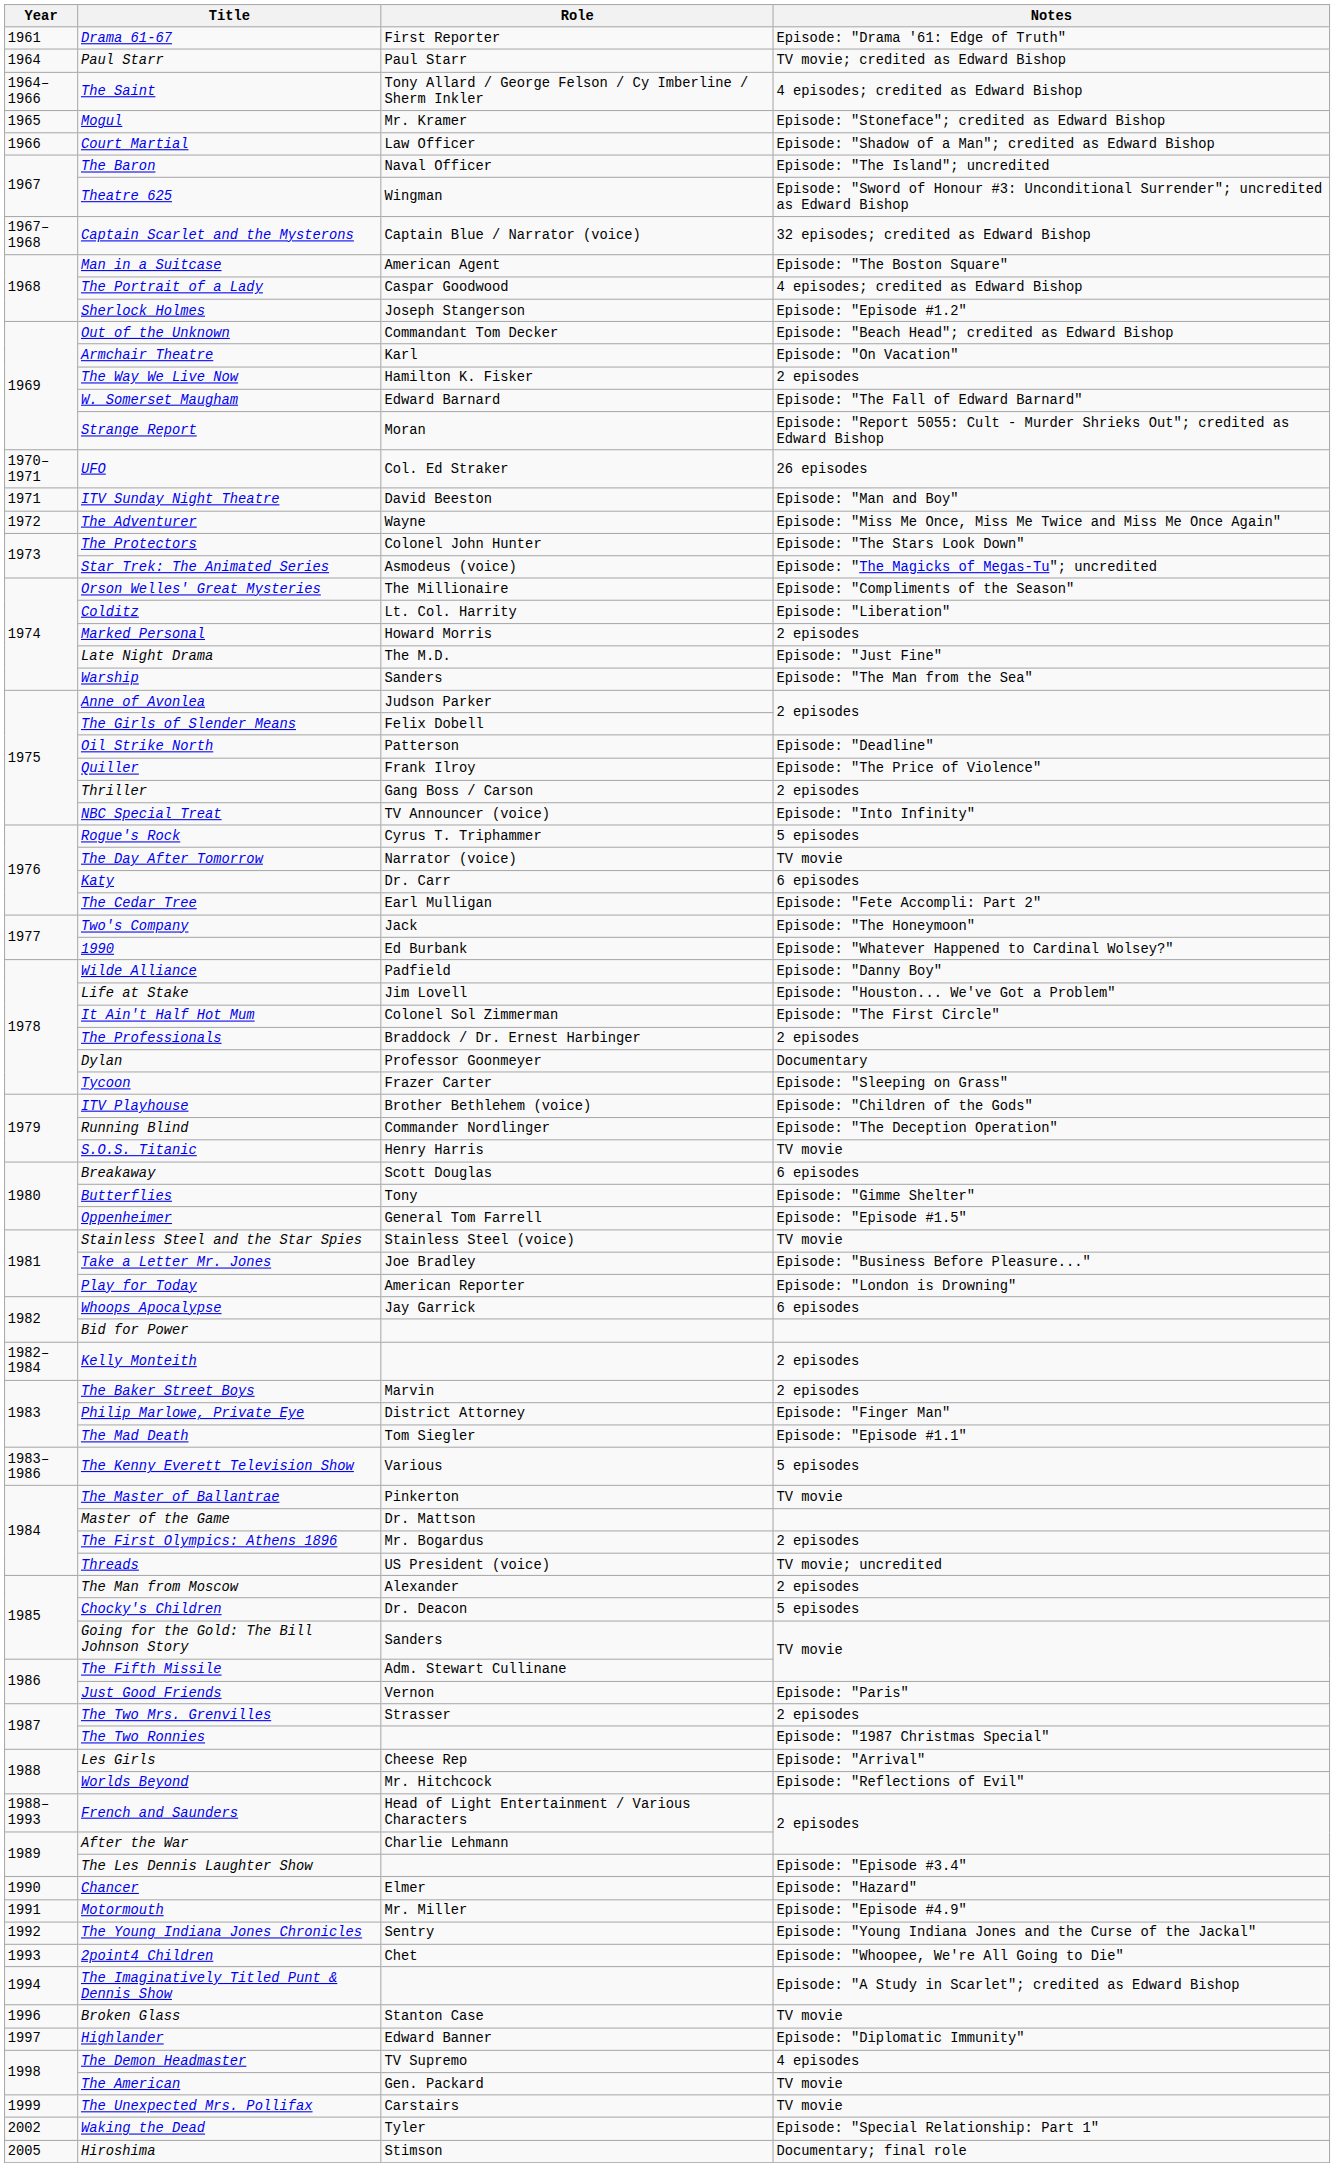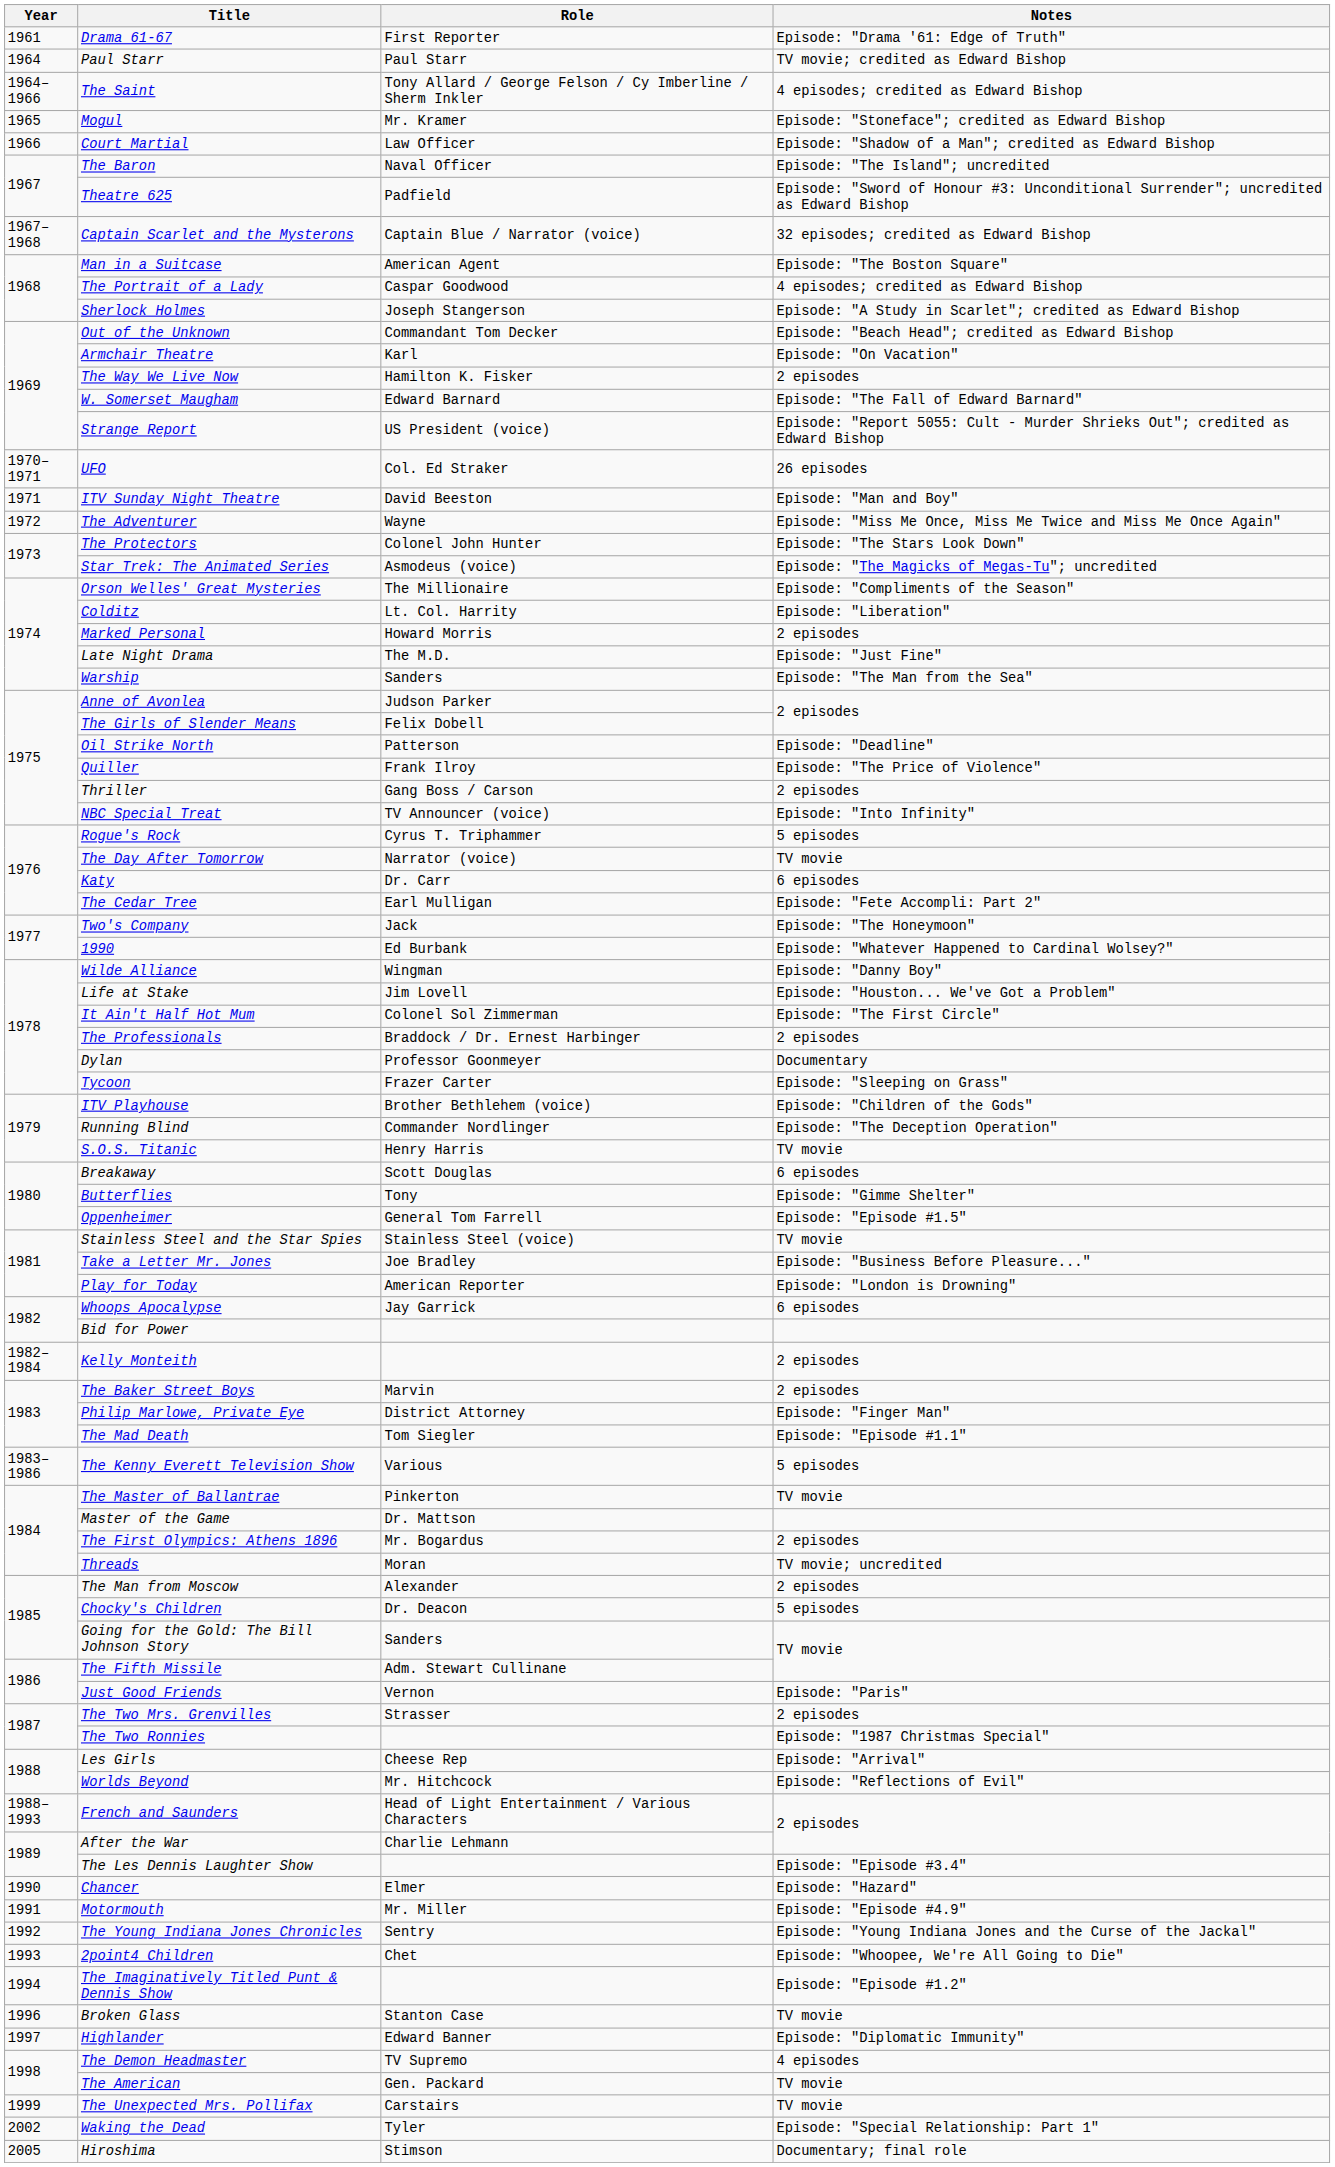 <table class="wikitable sortable">
 <tr>
 <th>Year</th>
 <th>Title</th>
 <th>Role</th>
 <th>Notes</th>
 </tr>
 <tr>
 <td>1961</td>
 <td><em><a href='#'>Drama 61-67</a></em></td>
 <td>First Reporter</td>
 <td>Episode: "Drama '61: Edge of Truth"</td>
 </tr>
 <tr>
 <td>1964</td>
 <td><em>Paul Starr</em></td>
 <td>Paul Starr</td>
 <td>TV movie; credited as Edward Bishop</td>
 </tr>
 <tr>
 <td>1964–1966</td>
 <td><em><a href='#'>The Saint</a></em></td>
 <td>Tony Allard / George Felson / Cy Imberline / Sherm Inkler</td>
 <td>4 episodes; credited as Edward Bishop</td>
 </tr>
 <tr>
 <td>1965</td>
 <td><em><a href='#'>Mogul</a></em></td>
 <td>Mr. Kramer</td>
 <td>Episode: "Stoneface"; credited as Edward Bishop</td>
 </tr>
 <tr>
 <td>1966</td>
 <td><em><a href='#'>Court Martial</a></em></td>
 <td>Law Officer</td>
 <td>Episode: "Shadow of a Man"; credited as Edward Bishop</td>
 </tr>
 <tr>
 <td rowspan="2">1967</td>
 <td><em><a href='#'>The Baron</a></em></td>
 <td>Naval Officer</td>
 <td>Episode: "The Island"; uncredited</td>
 </tr>
 <tr>
 <td><em><a href='#'>Theatre 625</a></em></td>
-<td>Wingman</td>
+<td>Padfield</td>
 <td>Episode: "Sword of Honour #3: Unconditional Surrender"; uncredited as Edward Bishop</td>
 </tr>
 <tr>
 <td>1967–1968</td>
 <td><em><a href='#'>Captain Scarlet and the Mysterons</a></em></td>
 <td>Captain Blue / Narrator (voice)</td>
 <td>32 episodes; credited as Edward Bishop</td>
 </tr>
 <tr>
 <td rowspan="3">1968</td>
 <td><em><a href='#'>Man in a Suitcase</a></em></td>
 <td>American Agent</td>
 <td>Episode: "The Boston Square"</td>
 </tr>
 <tr>
 <td><em><a href='#'>The Portrait of a Lady</a></em></td>
 <td>Caspar Goodwood</td>
 <td>4 episodes; credited as Edward Bishop</td>
 </tr>
 <tr>
 <td><em><a href='#'>Sherlock Holmes</a></em></td>
 <td>Joseph Stangerson</td>
-<td>Episode: "Episode #1.2"</td>
+<td>Episode: "A Study in Scarlet"; credited as Edward Bishop</td>
 </tr>
 <tr>
 <td rowspan="5">1969</td>
 <td><em><a href='#'>Out of the Unknown</a></em></td>
 <td>Commandant Tom Decker</td>
 <td>Episode: "Beach Head"; credited as Edward Bishop</td>
 </tr>
 <tr>
 <td><em><a href='#'>Armchair Theatre</a></em></td>
 <td>Karl</td>
 <td>Episode: "On Vacation"</td>
 </tr>
 <tr>
 <td><em><a href='#'>The Way We Live Now</a></em></td>
 <td>Hamilton K. Fisker</td>
 <td>2 episodes</td>
 </tr>
 <tr>
 <td><em><a href='#'>W. Somerset Maugham</a></em></td>
 <td>Edward Barnard</td>
 <td>Episode: "The Fall of Edward Barnard"</td>
 </tr>
 <tr>
 <td><em><a href='#'>Strange Report</a></em></td>
-<td>Moran</td>
+<td>US President (voice)</td>
 <td>Episode: "Report 5055: Cult - Murder Shrieks Out"; credited as Edward Bishop</td>
 </tr>
 <tr>
 <td>1970–1971</td>
 <td><em><a href='#'>UFO</a></em></td>
 <td>Col. Ed Straker</td>
 <td>26 episodes</td>
 </tr>
 <tr>
 <td>1971</td>
 <td><em><a href='#'>ITV Sunday Night Theatre</a></em></td>
 <td>David Beeston</td>
 <td>Episode: "Man and Boy"</td>
 </tr>
 <tr>
 <td>1972</td>
 <td><em><a href='#'>The Adventurer</a></em></td>
 <td>Wayne</td>
 <td>Episode: "Miss Me Once, Miss Me Twice and Miss Me Once Again"</td>
 </tr>
 <tr>
 <td rowspan="2">1973</td>
 <td><em><a href='#'>The Protectors</a></em></td>
 <td>Colonel John Hunter</td>
 <td>Episode: "The Stars Look Down"</td>
 </tr>
 <tr>
 <td><em><a href='#'>Star Trek: The Animated Series</a></em></td>
 <td>Asmodeus (voice)</td>
 <td>Episode: "<a href='#'>The Magicks of Megas-Tu</a>"; uncredited</td>
 </tr>
 <tr>
 <td rowspan="5">1974</td>
 <td><em><a href='#'>Orson Welles' Great Mysteries</a></em></td>
 <td>The Millionaire</td>
 <td>Episode: "Compliments of the Season"</td>
 </tr>
 <tr>
 <td><em><a href='#'>Colditz</a></em></td>
 <td>Lt. Col. Harrity</td>
 <td>Episode: "Liberation"</td>
 </tr>
 <tr>
 <td><em><a href='#'>Marked Personal</a></em></td>
 <td>Howard Morris</td>
 <td>2 episodes</td>
 </tr>
 <tr>
 <td><em>Late Night Drama</em></td>
 <td>The M.D.</td>
 <td>Episode: "Just Fine"</td>
 </tr>
 <tr>
 <td><em><a href='#'>Warship</a></em></td>
 <td>Sanders</td>
 <td>Episode: "The Man from the Sea"</td>
 </tr>
 <tr>
 <td rowspan="6">1975</td>
 <td><em><a href='#'>Anne of Avonlea</a></em></td>
 <td>Judson Parker</td>
 <td rowspan="2">2 episodes</td>
 </tr>
 <tr>
 <td><em><a href='#'>The Girls of Slender Means</a></em></td>
 <td>Felix Dobell</td>
 </tr>
 <tr>
 <td><em><a href='#'>Oil Strike North</a></em></td>
 <td>Patterson</td>
 <td>Episode: "Deadline"</td>
 </tr>
 <tr>
 <td><em><a href='#'>Quiller</a></em></td>
 <td>Frank Ilroy</td>
 <td>Episode: "The Price of Violence"</td>
 </tr>
 <tr>
 <td><em>Thriller</em></td>
 <td>Gang Boss / Carson</td>
 <td>2 episodes</td>
 </tr>
 <tr>
 <td><em><a href='#'>NBC Special Treat</a></em></td>
 <td>TV Announcer (voice)</td>
 <td>Episode: "Into Infinity"</td>
 </tr>
 <tr>
 <td rowspan="4">1976</td>
 <td><em><a href='#'>Rogue's Rock</a></em></td>
 <td>Cyrus T. Triphammer</td>
 <td>5 episodes</td>
 </tr>
 <tr>
 <td><em><a href='#'>The Day After Tomorrow</a></em></td>
 <td>Narrator (voice)</td>
 <td>TV movie</td>
 </tr>
 <tr>
 <td><em><a href='#'>Katy</a></em></td>
 <td>Dr. Carr</td>
 <td>6 episodes</td>
 </tr>
 <tr>
 <td><em><a href='#'>The Cedar Tree</a></em></td>
 <td>Earl Mulligan</td>
 <td>Episode: "Fete Accompli: Part 2"</td>
 </tr>
 <tr>
 <td rowspan="2">1977</td>
 <td><em><a href='#'>Two's Company</a></em></td>
 <td>Jack</td>
 <td>Episode: "The Honeymoon"</td>
 </tr>
 <tr>
 <td><em><a href='#'>1990</a></em></td>
 <td>Ed Burbank</td>
 <td>Episode: "Whatever Happened to Cardinal Wolsey?"</td>
 </tr>
 <tr>
 <td rowspan="6">1978</td>
 <td><em><a href='#'>Wilde Alliance</a></em></td>
-<td>Padfield</td>
+<td>Wingman</td>
 <td>Episode: "Danny Boy"</td>
 </tr>
 <tr>
 <td><em>Life at Stake</em></td>
 <td>Jim Lovell</td>
 <td>Episode: "Houston... We've Got a Problem"</td>
 </tr>
 <tr>
 <td><em><a href='#'>It Ain't Half Hot Mum</a></em></td>
 <td>Colonel Sol Zimmerman</td>
 <td>Episode: "The First Circle"</td>
 </tr>
 <tr>
 <td><em><a href='#'>The Professionals</a></em></td>
 <td>Braddock / Dr. Ernest Harbinger</td>
 <td>2 episodes</td>
 </tr>
 <tr>
 <td><em>Dylan</em></td>
 <td>Professor Goonmeyer</td>
 <td>Documentary</td>
 </tr>
 <tr>
 <td><em><a href='#'>Tycoon</a></em></td>
 <td>Frazer Carter</td>
 <td>Episode: "Sleeping on Grass"</td>
 </tr>
 <tr>
 <td rowspan="3">1979</td>
 <td><em><a href='#'>ITV Playhouse</a></em></td>
 <td>Brother Bethlehem (voice)</td>
 <td>Episode: "Children of the Gods"</td>
 </tr>
 <tr>
 <td><em>Running Blind</em></td>
 <td>Commander Nordlinger</td>
 <td>Episode: "The Deception Operation"</td>
 </tr>
 <tr>
 <td><em><a href='#'>S.O.S. Titanic</a></em></td>
 <td>Henry Harris</td>
 <td>TV movie</td>
 </tr>
 <tr>
 <td rowspan="3">1980</td>
 <td><em>Breakaway</em></td>
 <td>Scott Douglas</td>
 <td>6 episodes</td>
 </tr>
 <tr>
 <td><em><a href='#'>Butterflies</a></em></td>
 <td>Tony</td>
 <td>Episode: "Gimme Shelter"</td>
 </tr>
 <tr>
 <td><em><a href='#'>Oppenheimer</a></em></td>
 <td>General Tom Farrell</td>
 <td>Episode: "Episode #1.5"</td>
 </tr>
 <tr>
 <td rowspan="3">1981</td>
 <td><em>Stainless Steel and the Star Spies</em></td>
 <td>Stainless Steel (voice)</td>
 <td>TV movie</td>
 </tr>
 <tr>
 <td><em><a href='#'>Take a Letter Mr. Jones</a></em></td>
 <td>Joe Bradley</td>
 <td>Episode: "Business Before Pleasure..."</td>
 </tr>
 <tr>
 <td><em><a href='#'>Play for Today</a></em></td>
 <td>American Reporter</td>
 <td>Episode: "London is Drowning"</td>
 </tr>
 <tr>
 <td rowspan="2">1982</td>
 <td><em><a href='#'>Whoops Apocalypse</a></em></td>
 <td>Jay Garrick</td>
 <td>6 episodes</td>
 </tr>
 <tr>
 <td><em>Bid for Power</em></td>
 <td></td>
 <td></td>
 </tr>
 <tr>
 <td>1982–1984</td>
 <td><em><a href='#'>Kelly Monteith</a></em></td>
 <td></td>
 <td>2 episodes</td>
 </tr>
 <tr>
 <td rowspan="3">1983</td>
 <td><em><a href='#'>The Baker Street Boys</a></em></td>
 <td>Marvin</td>
 <td>2 episodes</td>
 </tr>
 <tr>
 <td><em><a href='#'>Philip Marlowe, Private Eye</a></em></td>
 <td>District Attorney</td>
 <td>Episode: "Finger Man"</td>
 </tr>
 <tr>
 <td><em><a href='#'>The Mad Death</a></em></td>
 <td>Tom Siegler</td>
 <td>Episode: "Episode #1.1"</td>
 </tr>
 <tr>
 <td>1983–1986</td>
 <td><em><a href='#'>The Kenny Everett Television Show</a></em></td>
 <td>Various</td>
 <td>5 episodes</td>
 </tr>
 <tr>
 <td rowspan="4">1984</td>
 <td><em><a href='#'>The Master of Ballantrae</a></em></td>
 <td>Pinkerton</td>
 <td>TV movie</td>
 </tr>
 <tr>
 <td><em>Master of the Game</em></td>
 <td>Dr. Mattson</td>
 <td></td>
 </tr>
 <tr>
 <td><em><a href='#'>The First Olympics: Athens 1896</a></em></td>
 <td>Mr. Bogardus</td>
 <td>2 episodes</td>
 </tr>
 <tr>
 <td><em><a href='#'>Threads</a></em></td>
-<td>US President (voice)</td>
+<td>Moran</td>
 <td>TV movie; uncredited</td>
 </tr>
 <tr>
 <td rowspan="3">1985</td>
 <td><em>The Man from Moscow</em></td>
 <td>Alexander</td>
 <td>2 episodes</td>
 </tr>
 <tr>
 <td><em><a href='#'>Chocky's Children</a></em></td>
 <td>Dr. Deacon</td>
 <td>5 episodes</td>
 </tr>
 <tr>
 <td><em>Going for the Gold: The Bill Johnson Story</em></td>
 <td>Sanders</td>
 <td rowspan="2">TV movie</td>
 </tr>
 <tr>
 <td rowspan="2">1986</td>
 <td><em><a href='#'>The Fifth Missile</a></em></td>
 <td>Adm. Stewart Cullinane</td>
 </tr>
 <tr>
 <td><em><a href='#'>Just Good Friends</a></em></td>
 <td>Vernon</td>
 <td>Episode: "Paris"</td>
 </tr>
 <tr>
 <td rowspan="2">1987</td>
 <td><em><a href='#'>The Two Mrs. Grenvilles</a></em></td>
 <td>Strasser</td>
 <td>2 episodes</td>
 </tr>
 <tr>
 <td><em><a href='#'>The Two Ronnies</a></em></td>
 <td></td>
 <td>Episode: "1987 Christmas Special"</td>
 </tr>
 <tr>
 <td rowspan="2">1988</td>
 <td><em>Les Girls</em></td>
 <td>Cheese Rep</td>
 <td>Episode: "Arrival"</td>
 </tr>
 <tr>
 <td><em><a href='#'>Worlds Beyond</a></em></td>
 <td>Mr. Hitchcock</td>
 <td>Episode: "Reflections of Evil"</td>
 </tr>
 <tr>
 <td>1988–1993</td>
 <td><em><a href='#'>French and Saunders</a></em></td>
 <td>Head of Light Entertainment / Various Characters</td>
 <td rowspan="2">2 episodes</td>
 </tr>
 <tr>
 <td rowspan="2">1989</td>
 <td><em>After the War</em></td>
 <td>Charlie Lehmann</td>
 </tr>
 <tr>
 <td><em>The Les Dennis Laughter Show</em></td>
 <td></td>
 <td>Episode: "Episode #3.4"</td>
 </tr>
 <tr>
 <td>1990</td>
 <td><em><a href='#'>Chancer</a></em></td>
 <td>Elmer</td>
 <td>Episode: "Hazard"</td>
 </tr>
 <tr>
 <td>1991</td>
 <td><em><a href='#'>Motormouth</a></em></td>
 <td>Mr. Miller</td>
 <td>Episode: "Episode #4.9"</td>
 </tr>
 <tr>
 <td>1992</td>
 <td><em><a href='#'>The Young Indiana Jones Chronicles</a></em></td>
 <td>Sentry</td>
 <td>Episode: "Young Indiana Jones and the Curse of the Jackal"</td>
 </tr>
 <tr>
 <td>1993</td>
 <td><em><a href='#'>2point4 Children</a></em></td>
 <td>Chet</td>
 <td>Episode: "Whoopee, We're All Going to Die"</td>
 </tr>
 <tr>
 <td>1994</td>
 <td><em><a href='#'>The Imaginatively Titled Punt & Dennis Show</a></em></td>
 <td></td>
-<td>Episode: "A Study in Scarlet"; credited as Edward Bishop</td>
+<td>Episode: "Episode #1.2"</td>
 </tr>
 <tr>
 <td>1996</td>
 <td><em>Broken Glass</em></td>
 <td>Stanton Case</td>
 <td>TV movie</td>
 </tr>
 <tr>
 <td>1997</td>
 <td><em><a href='#'>Highlander</a></em></td>
 <td>Edward Banner</td>
 <td>Episode: "Diplomatic Immunity"</td>
 </tr>
 <tr>
 <td rowspan="2">1998</td>
 <td><em><a href='#'>The Demon Headmaster</a></em></td>
 <td>TV Supremo</td>
 <td>4 episodes</td>
 </tr>
 <tr>
 <td><em><a href='#'>The American</a></em></td>
 <td>Gen. Packard</td>
 <td>TV movie</td>
 </tr>
 <tr>
 <td>1999</td>
 <td><em><a href='#'>The Unexpected Mrs. Pollifax</a></em></td>
 <td>Carstairs</td>
 <td>TV movie</td>
 </tr>
 <tr>
 <td>2002</td>
 <td><em><a href='#'>Waking the Dead</a></em></td>
 <td>Tyler</td>
 <td>Episode: "Special Relationship: Part 1"</td>
 </tr>
 <tr>
 <td>2005</td>
 <td><em>Hiroshima</em></td>
 <td>Stimson</td>
 <td>Documentary; final role</td>
 </tr>
 </table>
